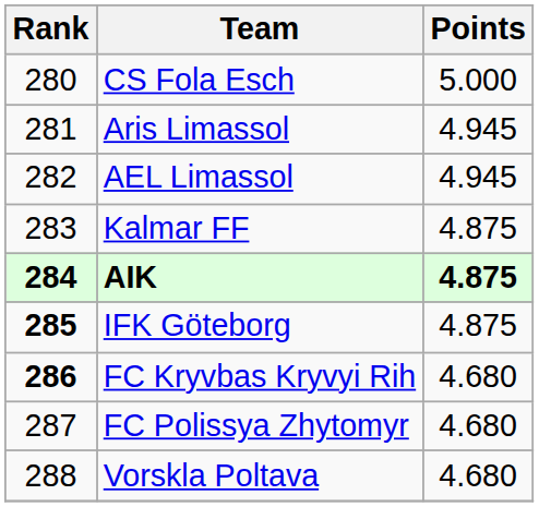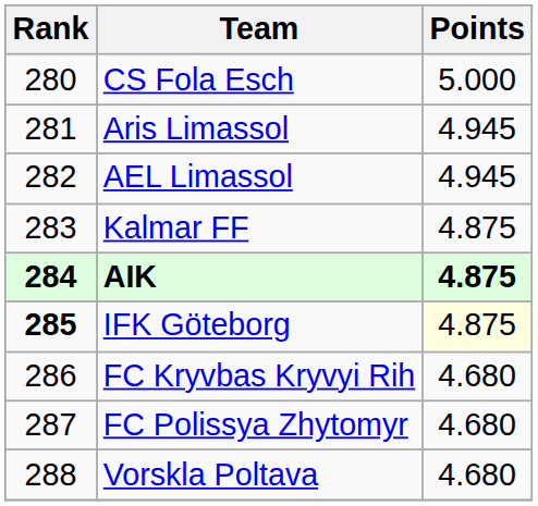 <table class="wikitable" style="text-align: center;">
 <tr>
 <th>Rank</th>
 <th>Team</th>
 <th>Points</th>
 </tr>
 <tr>
 <td>280</td>
 <td align=left> <a href='#'>CS Fola Esch</a></td>
 <td>5.000</td>
 </tr>
 <tr>
 <td>281</td>
 <td align=left> <a href='#'>Aris Limassol</a></td>
 <td>4.945</td>
 </tr>
 <tr>
 <td>282</td>
 <td align=left> <a href='#'>AEL Limassol</a></td>
 <td>4.945</td>
 </tr>
 <tr>
 <td>283</td>
 <td align=left> <a href='#'>Kalmar FF</a></td>
 <td>4.875</td>
 </tr>
 <tr bgcolor="#ddffdd">
 <td><strong>284</strong></td>
 <td align=left> <strong>AIK</strong></td>
 <td><strong>4.875</strong></td>
 </tr>
 <tr>
 <td><strong>285</strong></td>
 <td align=left> <a href='#'>IFK Göteborg</a></td>
-<td>4.875</td>
+<td style="background: lightyellow;">4.875</td>
 </tr>
 <tr>
-<td><strong>286</strong></td>
+<td>286</td>
 <td align=left> <a href='#'>FC Kryvbas Kryvyi Rih</a></td>
 <td>4.680</td>
 </tr>
 <tr>
 <td>287</td>
 <td align=left> <a href='#'>FC Polissya Zhytomyr</a></td>
 <td>4.680</td>
 </tr>
 <tr>
 <td>288</td>
 <td align=left> <a href='#'>Vorskla Poltava</a></td>
 <td>4.680</td>
 </tr>
 <tr>
 </tr>
 </table>
